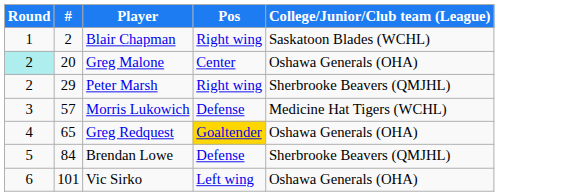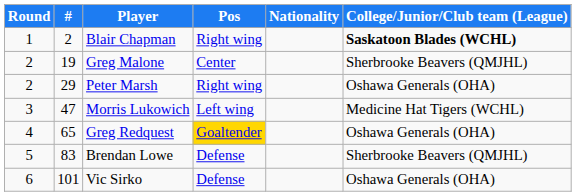 <table class="wikitable">
 <tr>
 <th style="color:white; background:#1D7CF2; ">Round</th>
 <th style="color:white; background:#1D7CF2; ">#</th>
 <th style="color:white; background:#1D7CF2; ">Player</th>
 <th style="color:white; background:#1D7CF2; ">Pos</th>
+<th style="color:white; background:#1D7CF2; ">Nationality</th>
 <th style="color:white; background:#1D7CF2; ">College/Junior/Club team (League)</th>
 </tr>
 <tr>
 <td align=center>1</td>
 <td align=center>2</td>
 <td><a href='#'>Blair Chapman</a></td>
 <td><a href='#'>Right wing</a></td>
-<td>Saskatoon Blades (WCHL)</td>
+<td></td>
+<td><strong>Saskatoon Blades (WCHL)</strong></td>
 </tr>
 <tr>
-<td align=center style="background: paleturquoise;">2</td>
-<td align=center>20</td>
+<td align=center>2</td>
+<td align=center>19</td>
 <td><a href='#'>Greg Malone</a></td>
 <td><a href='#'>Center</a></td>
-<td>Oshawa Generals (OHA)</td>
+<td></td>
+<td>Sherbrooke Beavers (QMJHL)</td>
 </tr>
 <tr>
 <td align=center>2</td>
 <td align=center>29</td>
 <td><a href='#'>Peter Marsh</a></td>
 <td><a href='#'>Right wing</a></td>
-<td>Sherbrooke Beavers (QMJHL)</td>
+<td></td>
+<td>Oshawa Generals (OHA)</td>
 </tr>
 <tr>
 <td align=center>3</td>
-<td align=center>57</td>
+<td align=center>47</td>
 <td><a href='#'>Morris Lukowich</a></td>
-<td><a href='#'>Defense</a></td>
+<td><a href='#'>Left wing</a></td>
+<td></td>
 <td>Medicine Hat Tigers (WCHL)</td>
 </tr>
 <tr>
 <td align=center>4</td>
 <td align=center>65</td>
 <td><a href='#'>Greg Redquest</a></td>
 <td style="background: gold;"><a href='#'>Goaltender</a></td>
+<td></td>
 <td>Oshawa Generals (OHA)</td>
 </tr>
 <tr>
 <td align=center>5</td>
-<td align=center>84</td>
+<td align=center>83</td>
 <td>Brendan Lowe</td>
 <td><a href='#'>Defense</a></td>
+<td></td>
 <td>Sherbrooke Beavers (QMJHL)</td>
 </tr>
 <tr>
 <td align=center>6</td>
 <td align=center>101</td>
 <td>Vic Sirko</td>
-<td><a href='#'>Left wing</a></td>
+<td><a href='#'>Defense</a></td>
+<td></td>
 <td>Oshawa Generals (OHA)</td>
 </tr>
 </table>
